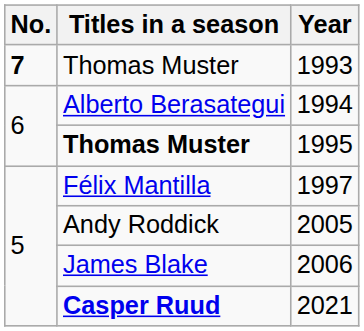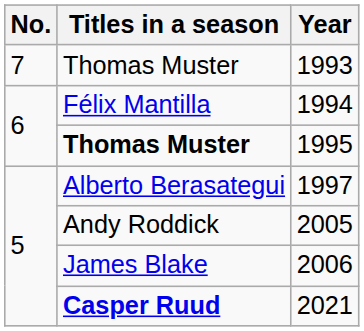 <table class="wikitable" style="display: inline-table;">
 <tr>
 <th width=20>No.</th>
 <th>Titles in a season</th>
 <th>Year</th>
 </tr>
 <tr>
-<td><strong>7</strong></td>
+<td>7</td>
 <td> Thomas Muster</td>
 <td>1993</td>
 </tr>
 <tr>
 <td rowspan=2>6</td>
-<td> <a href='#'>Alberto Berasategui</a></td>
+<td> <a href='#'>Félix Mantilla</a></td>
 <td>1994</td>
 </tr>
 <tr>
 <td><strong> Thomas Muster</strong></td>
 <td>1995</td>
 </tr>
 <tr>
 <td rowspan=4>5</td>
-<td> <a href='#'>Félix Mantilla</a></td>
+<td> <a href='#'>Alberto Berasategui</a></td>
 <td>1997</td>
 </tr>
 <tr>
 <td> Andy Roddick</td>
 <td>2005</td>
 </tr>
 <tr>
 <td> <a href='#'>James Blake</a></td>
 <td>2006</td>
 </tr>
 <tr>
 <td> <strong><a href='#'>Casper Ruud</a></strong></td>
 <td>2021</td>
 </tr>
 </table>
